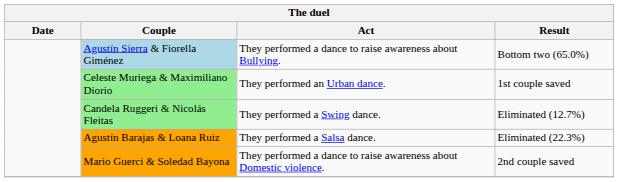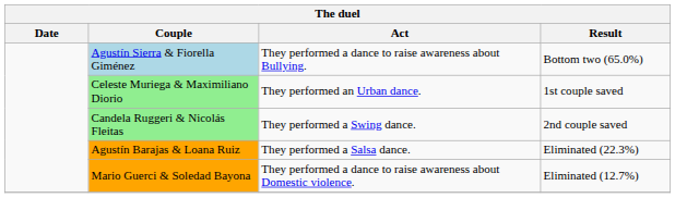 <table class="wikitable collapsible collapsed" style="text-align: align; width: 100%;">
 <tr>
 <th colspan="11" style="with: 100%;" align="center">The duel</th>
 </tr>
 <tr>
 <th width=75>Date</th>
 <th width=160>Couple</th>
 <th width=270>Act</th>
 <th width=120>Result</th>
 </tr>
 <tr>
 <td rowspan="5"></td>
 <td bgcolor="lightblue"><a href='#'>Agustín Sierra</a> & Fiorella Giménez</td>
 <td>They performed a dance to raise awareness about <a href='#'>Bullying</a>.<br></td>
 <td>Bottom two (65.0%)</td>
 </tr>
 <tr>
 <td bgcolor="lightgreen">Celeste Muriega & Maximiliano Diorio</td>
 <td>They performed an <a href='#'>Urban dance</a>.<br></td>
 <td>1st couple saved</td>
 </tr>
 <tr>
 <td bgcolor="lightgreen">Candela Ruggeri & Nicolás Fleitas</td>
 <td>They performed a <a href='#'>Swing</a> dance.<br></td>
-<td>Eliminated (12.7%)</td>
+<td>2nd couple saved</td>
 </tr>
 <tr>
 <td bgcolor="orange">Agustín Barajas & Loana Ruiz</td>
 <td>They performed a <a href='#'>Salsa</a> dance.<br></td>
 <td>Eliminated (22.3%)</td>
 </tr>
 <tr>
 <td bgcolor="orange">Mario Guerci & Soledad Bayona</td>
 <td>They performed a dance to raise awareness about <a href='#'>Domestic violence</a>.<br></td>
-<td>2nd couple saved</td>
+<td>Eliminated (12.7%)</td>
 </tr>
 <tr>
 </tr>
 </table>
